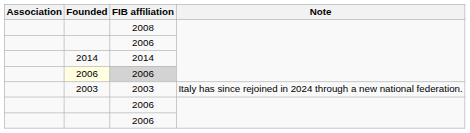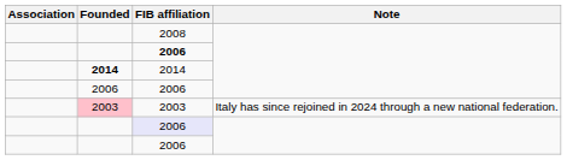 <table class="wikitable sortable" style="text-align:center">
 <tr>
 <th>Association</th>
 <th>Founded</th>
 <th>FIB affiliation</th>
 <th>Note</th>
 </tr>
 <tr>
 <td> </td>
 <td></td>
 <td>2008</td>
 </tr>
 <tr>
 <td> </td>
 <td></td>
+<td><strong>2006</strong></td>
+</tr>
+<tr>
+<td> </td>
+<td><strong>2014</strong></td>
+<td>2014</td>
+</tr>
+<tr>
+<td> </td>
+<td>2006</td>
 <td>2006</td>
 </tr>
 <tr>
 <td> </td>
-<td>2014</td>
-<td>2014</td>
-</tr>
-<tr>
-<td> </td>
-<td style="background: lightyellow;">2006</td>
-<td style="background: lightgrey;">2006</td>
-</tr>
-<tr>
-<td> </td>
-<td>2003</td>
+<td style="background: pink;">2003</td>
 <td>2003</td>
 <td style="text-align:left">Italy has since rejoined in 2024 through a new national federation.</td>
 </tr>
 <tr>
 <td> </td>
 <td></td>
-<td>2006</td>
+<td style="background: lavender;">2006</td>
 </tr>
 <tr>
 <td> </td>
 <td></td>
 <td>2006</td>
 </tr>
 </table>
